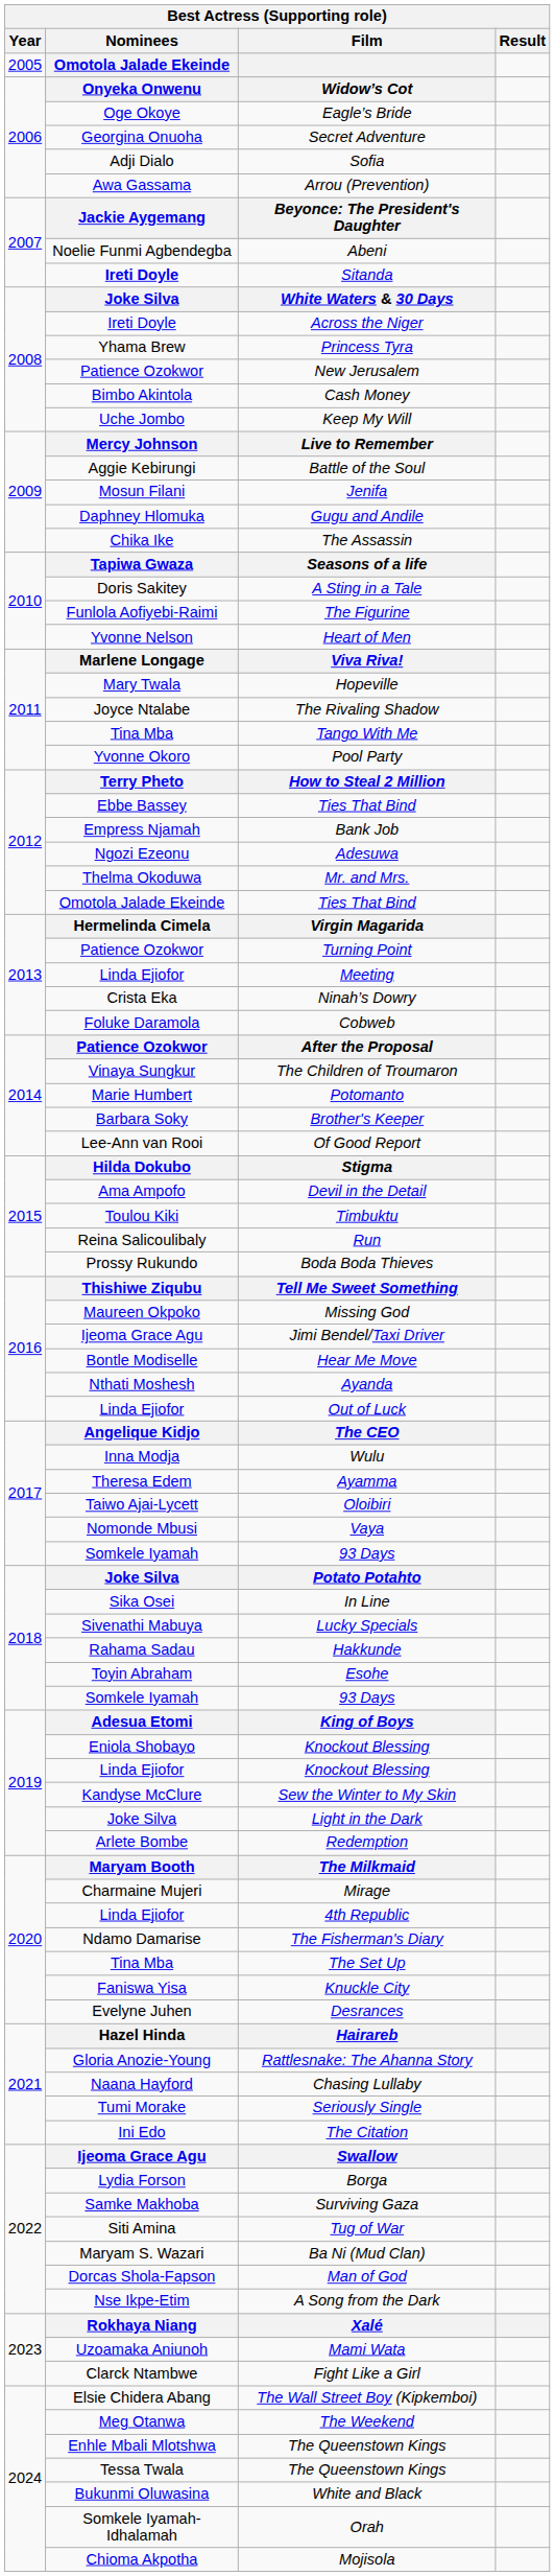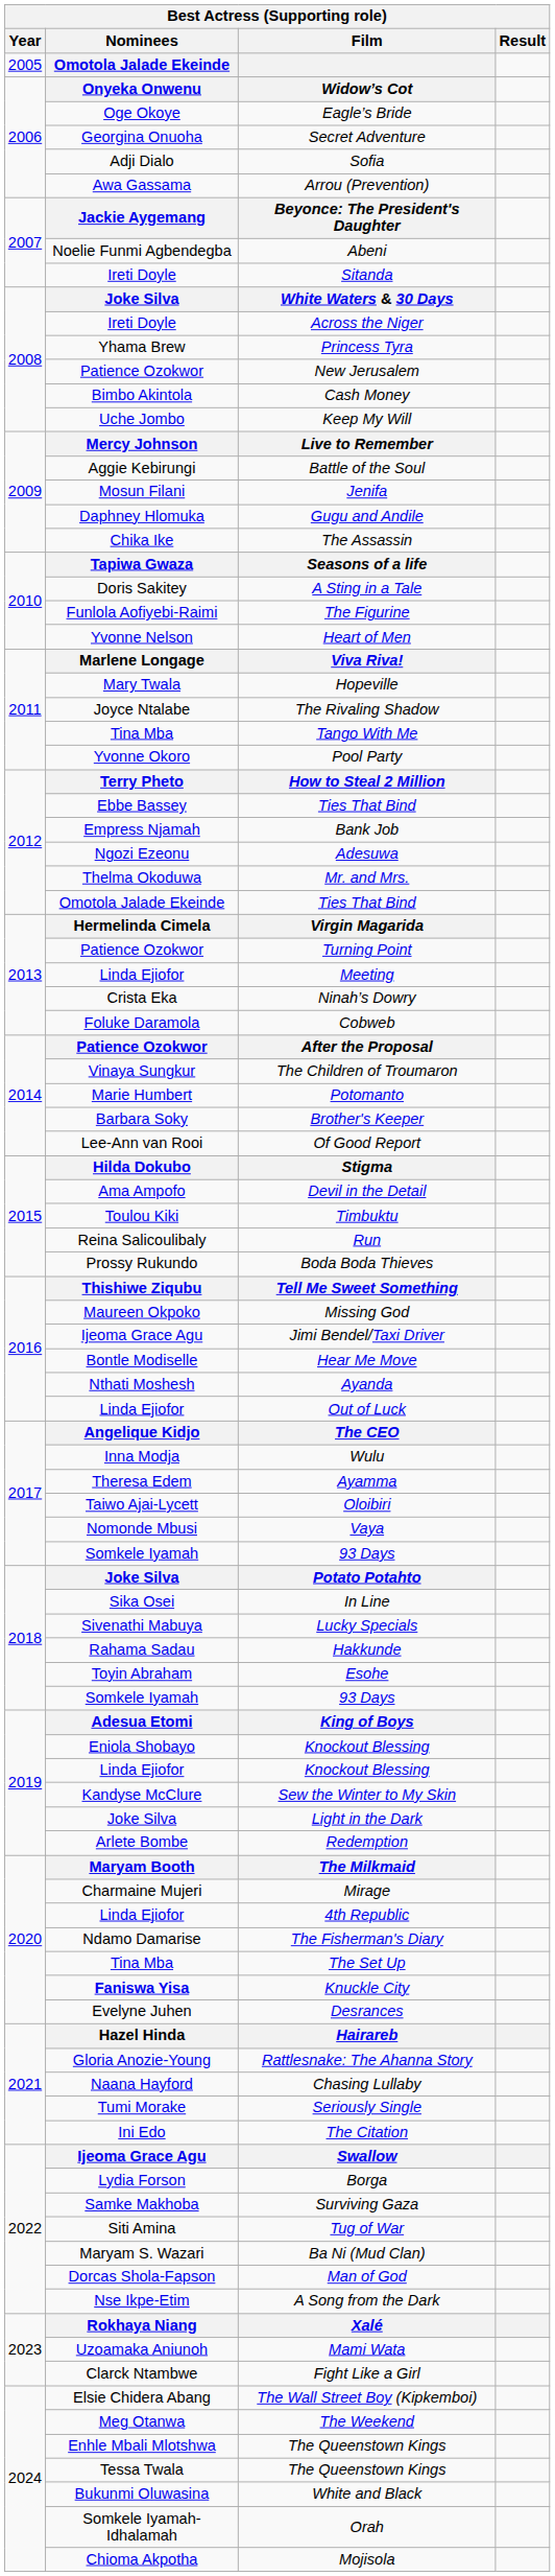 <table class=wikitable style="text-align:center" width="65%">
 <tr>
 <th colspan="4">Best Actress (Supporting role)</th>
 </tr>
 <tr>
 <th>Year</th>
 <th>Nominees</th>
 <th>Film</th>
 <th>Result</th>
 </tr>
 <tr>
 <td rowspan="1"><a href='#'>2005</a></td>
 <th><a href='#'>Omotola Jalade Ekeinde</a></th>
 <th></th>
 <td></td>
 </tr>
 <tr>
 <td rowspan="5"><a href='#'>2006</a></td>
 <th><a href='#'>Onyeka Onwenu</a></th>
 <th><em>Widow’s Cot</em></th>
 <td></td>
 </tr>
 <tr>
 <td><a href='#'>Oge Okoye</a></td>
 <td><em>Eagle’s Bride</em></td>
 <td></td>
 </tr>
 <tr>
 <td><a href='#'>Georgina Onuoha</a></td>
 <td><em>Secret Adventure</em></td>
 <td></td>
 </tr>
 <tr>
 <td>Adji Dialo</td>
 <td><em>Sofia</em></td>
 <td></td>
 </tr>
 <tr>
 <td><a href='#'>Awa Gassama</a></td>
 <td><em>Arrou (Prevention)</em></td>
 <td></td>
 </tr>
 <tr>
 <td rowspan="3"><a href='#'>2007</a></td>
 <th><a href='#'>Jackie Aygemang</a></th>
 <th><em>Beyonce: The President's Daughter</em></th>
 <td></td>
 </tr>
 <tr>
 <td>Noelie Funmi Agbendegba</td>
 <td><em>Abeni</em></td>
 <td></td>
 </tr>
 <tr>
-<td><strong><a href='#'>Ireti Doyle</a></strong></td>
+<td><a href='#'>Ireti Doyle</a></td>
 <td><em><a href='#'>Sitanda</a></em></td>
 <td></td>
 </tr>
 <tr>
 <td rowspan="6"><a href='#'>2008</a></td>
 <th><a href='#'>Joke Silva</a></th>
 <th><em><a href='#'>White Waters</a></em> & <em><a href='#'>30 Days</a></em></th>
 <td></td>
 </tr>
 <tr>
 <td><a href='#'>Ireti Doyle</a></td>
 <td><em><a href='#'>Across the Niger</a></em></td>
 <td></td>
 </tr>
 <tr>
 <td>Yhama Brew</td>
 <td><em><a href='#'>Princess Tyra</a></em></td>
 <td></td>
 </tr>
 <tr>
 <td><a href='#'>Patience Ozokwor</a></td>
 <td><em>New Jerusalem</em></td>
 <td></td>
 </tr>
 <tr>
 <td><a href='#'>Bimbo Akintola</a></td>
 <td><em>Cash Money</em></td>
 <td></td>
 </tr>
 <tr>
 <td><a href='#'>Uche Jombo</a></td>
 <td><em>Keep My Will</em></td>
 <td></td>
 </tr>
 <tr>
 <td rowspan="5"><a href='#'>2009</a></td>
 <th><a href='#'>Mercy Johnson</a></th>
 <th><em>Live to Remember</em></th>
 <td></td>
 </tr>
 <tr>
 <td>Aggie Kebirungi</td>
 <td><em>Battle of the Soul</em></td>
 <td></td>
 </tr>
 <tr>
 <td><a href='#'>Mosun Filani</a></td>
 <td><em><a href='#'>Jenifa</a></em></td>
 <td></td>
 </tr>
 <tr>
 <td><a href='#'>Daphney Hlomuka</a></td>
 <td><em><a href='#'>Gugu and Andile</a></em></td>
 <td></td>
 </tr>
 <tr>
 <td><a href='#'>Chika Ike</a></td>
 <td><em>The Assassin</em></td>
 <td></td>
 </tr>
 <tr>
 <td rowspan="4"><a href='#'>2010</a></td>
 <th><a href='#'>Tapiwa Gwaza</a></th>
 <th><em>Seasons of a life</em></th>
 <td></td>
 </tr>
 <tr>
 <td>Doris Sakitey</td>
 <td><em><a href='#'>A Sting in a Tale</a></em></td>
 <td></td>
 </tr>
 <tr>
 <td><a href='#'>Funlola Aofiyebi-Raimi</a></td>
 <td><em><a href='#'>The Figurine</a></em></td>
 <td></td>
 </tr>
 <tr>
 <td><a href='#'>Yvonne Nelson</a></td>
 <td><em><a href='#'>Heart of Men</a></em></td>
 <td></td>
 </tr>
 <tr>
 <td rowspan="5"><a href='#'>2011</a></td>
 <th>Marlene Longage</th>
 <th><em><a href='#'>Viva Riva!</a></em></th>
 <td></td>
 </tr>
 <tr>
 <td><a href='#'>Mary Twala</a></td>
 <td><em>Hopeville</em></td>
 <td></td>
 </tr>
 <tr>
 <td>Joyce Ntalabe</td>
 <td><em>The Rivaling Shadow</em></td>
 <td></td>
 </tr>
 <tr>
 <td><a href='#'>Tina Mba</a></td>
 <td><em><a href='#'>Tango With Me</a></em></td>
 <td></td>
 </tr>
 <tr>
 <td><a href='#'>Yvonne Okoro</a></td>
 <td><em>Pool Party</em></td>
 <td></td>
 </tr>
 <tr>
 <td rowspan="6"><a href='#'>2012</a></td>
 <th><a href='#'>Terry Pheto</a></th>
 <th><em><a href='#'>How to Steal 2 Million</a></em></th>
 <td></td>
 </tr>
 <tr>
 <td><a href='#'>Ebbe Bassey</a></td>
 <td><em><a href='#'>Ties That Bind</a></em></td>
 <td></td>
 </tr>
 <tr>
 <td><a href='#'>Empress Njamah</a></td>
 <td><em>Bank Job</em></td>
 <td></td>
 </tr>
 <tr>
 <td><a href='#'>Ngozi Ezeonu</a></td>
 <td><em><a href='#'>Adesuwa</a></em></td>
 <td></td>
 </tr>
 <tr>
 <td><a href='#'>Thelma Okoduwa</a></td>
 <td><em><a href='#'>Mr. and Mrs.</a></em></td>
 <td></td>
 </tr>
 <tr>
 <td><a href='#'>Omotola Jalade Ekeinde</a></td>
 <td><em><a href='#'>Ties That Bind</a></em></td>
 <td></td>
 </tr>
 <tr>
 <td rowspan="5"><a href='#'>2013</a></td>
 <th>Hermelinda Cimela</th>
 <th><em> Virgin Magarida</em></th>
 <td></td>
 </tr>
 <tr>
 <td><a href='#'>Patience Ozokwor</a></td>
 <td><em><a href='#'>Turning Point</a></em></td>
 <td></td>
 </tr>
 <tr>
 <td><a href='#'>Linda Ejiofor</a></td>
 <td><em><a href='#'>Meeting</a></em></td>
 <td></td>
 </tr>
 <tr>
 <td>Crista Eka</td>
 <td><em>Ninah’s Dowry</em></td>
 <td></td>
 </tr>
 <tr>
 <td><a href='#'>Foluke Daramola</a></td>
 <td><em>Cobweb</em></td>
 <td></td>
 </tr>
 <tr>
 <td rowspan="5"><a href='#'>2014</a></td>
 <th><a href='#'>Patience Ozokwor</a></th>
 <th><em>After the Proposal</em></th>
 <td></td>
 </tr>
 <tr>
 <td><a href='#'>Vinaya Sungkur</a></td>
 <td><em>The Children of Troumaron</em></td>
 <td></td>
 </tr>
 <tr>
 <td><a href='#'>Marie Humbert</a></td>
 <td><em><a href='#'>Potomanto</a></em></td>
 <td></td>
 </tr>
 <tr>
 <td><a href='#'>Barbara Soky</a></td>
 <td><em><a href='#'>Brother's Keeper</a></em></td>
 <td></td>
 </tr>
 <tr>
 <td>Lee-Ann van Rooi</td>
 <td><em>Of Good Report</em></td>
 <td></td>
 </tr>
 <tr>
 <td rowspan="5"><a href='#'>2015</a></td>
 <th><a href='#'>Hilda Dokubo</a></th>
 <th><em>Stigma</em></th>
 <td></td>
 </tr>
 <tr>
 <td><a href='#'>Ama Ampofo</a></td>
 <td><em><a href='#'>Devil in the Detail</a></em></td>
 <td></td>
 </tr>
 <tr>
 <td><a href='#'>Toulou Kiki</a></td>
 <td><em><a href='#'>Timbuktu</a></em></td>
 <td></td>
 </tr>
 <tr>
 <td>Reina Salicoulibaly</td>
 <td><em><a href='#'>Run</a></em></td>
 <td></td>
 </tr>
 <tr>
 <td>Prossy Rukundo</td>
 <td><em>Boda Boda Thieves</em></td>
 <td></td>
 </tr>
 <tr>
 <td rowspan="6"><a href='#'>2016</a></td>
 <th><a href='#'>Thishiwe Ziqubu</a></th>
 <th><em><a href='#'>Tell Me Sweet Something</a></em></th>
 <td></td>
 </tr>
 <tr>
 <td><a href='#'>Maureen Okpoko</a></td>
 <td><em>Missing God</em></td>
 <td></td>
 </tr>
 <tr>
 <td><a href='#'>Ijeoma Grace Agu</a></td>
 <td><em>Jimi Bendel/<a href='#'>Taxi Driver</a></em></td>
 <td></td>
 </tr>
 <tr>
 <td><a href='#'>Bontle Modiselle</a></td>
 <td><em><a href='#'>Hear Me Move</a></em></td>
 <td></td>
 </tr>
 <tr>
 <td><a href='#'>Nthati Moshesh</a></td>
 <td><em><a href='#'>Ayanda</a></em></td>
 <td></td>
 </tr>
 <tr>
 <td><a href='#'>Linda Ejiofor</a></td>
 <td><em><a href='#'>Out of Luck</a></em></td>
 <td></td>
 </tr>
 <tr>
 <td rowspan="6"><a href='#'>2017</a></td>
 <th><a href='#'>Angelique Kidjo</a></th>
 <th><em><a href='#'>The CEO</a></em></th>
 <td></td>
 </tr>
 <tr>
 <td><a href='#'>Inna Modja</a></td>
 <td><em>Wulu</em></td>
 <td></td>
 </tr>
 <tr>
 <td><a href='#'>Theresa Edem</a></td>
 <td><em><a href='#'>Ayamma</a></em></td>
 <td></td>
 </tr>
 <tr>
 <td><a href='#'>Taiwo Ajai-Lycett</a></td>
 <td><em><a href='#'>Oloibiri</a></em></td>
 <td></td>
 </tr>
 <tr>
 <td><a href='#'>Nomonde Mbusi</a></td>
 <td><em><a href='#'>Vaya</a></em></td>
 <td></td>
 </tr>
 <tr>
 <td><a href='#'>Somkele Iyamah</a></td>
 <td><em><a href='#'>93 Days</a></em></td>
 <td></td>
 </tr>
 <tr>
 <td rowspan="6"><a href='#'>2018</a></td>
 <th><a href='#'>Joke Silva</a></th>
 <th><em><a href='#'>Potato Potahto</a></em></th>
 <td></td>
 </tr>
 <tr>
 <td><a href='#'>Sika Osei</a></td>
 <td><em>In Line</em></td>
 <td></td>
 </tr>
 <tr>
 <td><a href='#'>Sivenathi Mabuya</a></td>
 <td><em><a href='#'>Lucky Specials</a></em></td>
 <td></td>
 </tr>
 <tr>
 <td><a href='#'>Rahama Sadau</a></td>
 <td><em><a href='#'>Hakkunde</a></em></td>
 <td></td>
 </tr>
 <tr>
 <td><a href='#'>Toyin Abraham</a></td>
 <td><em><a href='#'>Esohe</a></em></td>
 <td></td>
 </tr>
 <tr>
 <td><a href='#'>Somkele Iyamah</a></td>
 <td><em><a href='#'>93 Days</a></em></td>
 <td></td>
 </tr>
 <tr>
 <td rowspan="6"><a href='#'>2019</a></td>
 <th><a href='#'>Adesua Etomi</a></th>
 <th><em><a href='#'>King of Boys</a></em></th>
 <td></td>
 </tr>
 <tr>
 <td><a href='#'>Eniola Shobayo</a></td>
 <td><em><a href='#'>Knockout Blessing</a></em></td>
 <td></td>
 </tr>
 <tr>
 <td><a href='#'>Linda Ejiofor</a></td>
 <td><em><a href='#'>Knockout Blessing</a></em></td>
 <td></td>
 </tr>
 <tr>
 <td><a href='#'>Kandyse McClure</a></td>
 <td><em><a href='#'>Sew the Winter to My Skin</a></em></td>
 <td></td>
 </tr>
 <tr>
 <td><a href='#'>Joke Silva</a></td>
 <td><em><a href='#'>Light in the Dark</a></em></td>
 <td></td>
 </tr>
 <tr>
 <td><a href='#'>Arlete Bombe</a></td>
 <td><em><a href='#'>Redemption</a></em></td>
 <td></td>
 </tr>
 <tr>
 <td rowspan="7"><a href='#'>2020</a></td>
 <th><a href='#'>Maryam Booth</a></th>
 <th><em><a href='#'>The Milkmaid</a></em></th>
 <td></td>
 </tr>
 <tr>
 <td>Charmaine Mujeri</td>
 <td><em>Mirage</em></td>
 <td></td>
 </tr>
 <tr>
 <td><a href='#'>Linda Ejiofor</a></td>
 <td><em><a href='#'>4th Republic</a></em></td>
 <td></td>
 </tr>
 <tr>
 <td>Ndamo Damarise</td>
 <td><em><a href='#'>The Fisherman's Diary</a></em></td>
 <td></td>
 </tr>
 <tr>
 <td><a href='#'>Tina Mba</a></td>
 <td><em><a href='#'>The Set Up</a></em></td>
 <td></td>
 </tr>
 <tr>
-<td><a href='#'>Faniswa Yisa</a></td>
+<td><strong><a href='#'>Faniswa Yisa</a></strong></td>
 <td><em><a href='#'>Knuckle City</a></em></td>
 <td></td>
 </tr>
 <tr>
 <td>Evelyne Juhen</td>
 <td><em><a href='#'>Desrances</a></em></td>
 <td></td>
 </tr>
 <tr>
 <td rowspan="5"><a href='#'>2021</a></td>
 <th>Hazel Hinda</th>
 <th><em><a href='#'>Hairareb</a></em></th>
 <th></th>
 </tr>
 <tr>
 <td><a href='#'>Gloria Anozie-Young</a></td>
 <td><em><a href='#'>Rattlesnake: The Ahanna Story</a></em></td>
 <td></td>
 </tr>
 <tr>
 <td><a href='#'>Naana Hayford</a></td>
 <td><em>Chasing Lullaby</em></td>
 <td></td>
 </tr>
 <tr>
 <td><a href='#'>Tumi Morake</a></td>
 <td><em><a href='#'>Seriously Single</a></em></td>
 <td></td>
 </tr>
 <tr>
 <td><a href='#'>Ini Edo</a></td>
 <td><em><a href='#'>The Citation</a></em></td>
 <td></td>
 </tr>
 <tr>
 <td rowspan="7">2022</td>
 <th><a href='#'>Ijeoma Grace Agu</a></th>
 <th><em><a href='#'>Swallow</a></em></th>
 <th></th>
 </tr>
 <tr>
 <td><a href='#'>Lydia Forson</a></td>
 <td><em>Borga</em></td>
 <td></td>
 </tr>
 <tr>
 <td><a href='#'>Samke Makhoba</a></td>
 <td><em>Surviving Gaza</em></td>
 <td></td>
 </tr>
 <tr>
 <td>Siti Amina</td>
 <td><em><a href='#'>Tug of War</a></em></td>
 <td></td>
 </tr>
 <tr>
 <td>Maryam S. Wazari</td>
 <td><em>Ba Ni (Mud Clan)</em></td>
 <td></td>
 </tr>
 <tr>
 <td><a href='#'>Dorcas Shola-Fapson</a></td>
 <td><em><a href='#'>Man of God</a></em></td>
 <td></td>
 </tr>
 <tr>
 <td><a href='#'>Nse Ikpe-Etim</a></td>
 <td><em>A Song from the Dark</em></td>
 <td></td>
 </tr>
 <tr>
 <td rowspan="3">2023</td>
 <th><a href='#'>Rokhaya Niang</a></th>
 <th><em><a href='#'>Xalé</a></em></th>
 <th></th>
 </tr>
 <tr>
 <td><a href='#'>Uzoamaka Aniunoh</a></td>
 <td><em><a href='#'>Mami Wata</a></em></td>
 <td></td>
 </tr>
 <tr>
 <td>Clarck Ntambwe</td>
 <td><em>Fight Like a Girl</em></td>
 <td></td>
 </tr>
 <tr>
 <td rowspan="7">2024</td>
 <td>Elsie Chidera Abang</td>
 <td><em><a href='#'>The Wall Street Boy</a> (Kipkemboi)</em></td>
 <td></td>
 </tr>
 <tr>
 <td><a href='#'>Meg Otanwa</a></td>
 <td><em><a href='#'>The Weekend</a></em></td>
 <td></td>
 </tr>
 <tr>
 <td><a href='#'>Enhle Mbali Mlotshwa</a></td>
 <td><em>The Queenstown Kings</em></td>
 <td></td>
 </tr>
 <tr>
 <td>Tessa Twala</td>
 <td><em>The Queenstown Kings</em></td>
 <td></td>
 </tr>
 <tr>
 <td><a href='#'>Bukunmi Oluwasina</a></td>
 <td><em>White and Black</em></td>
 <td></td>
 </tr>
 <tr>
 <td>Somkele Iyamah-Idhalamah</td>
 <td><em>Orah</em></td>
 <td></td>
 </tr>
 <tr>
 <td><a href='#'>Chioma Akpotha</a></td>
 <td><em>Mojisola</em></td>
 <td></td>
 </tr>
 </table>
